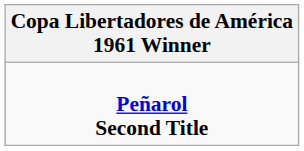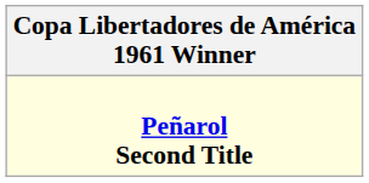 <table class="wikitable" style="text-align: center; margin: 0 auto;">
 <tr>
 <th>Copa Libertadores de América<br>1961 Winner</th>
 </tr>
 <tr>
-<td><br><strong><a href='#'>Peñarol</a></strong><br><strong>Second Title</strong></td>
+<td style="background: lightyellow;"><br><strong><a href='#'>Peñarol</a></strong><br><strong>Second Title</strong></td>
 </tr>
 </table>
